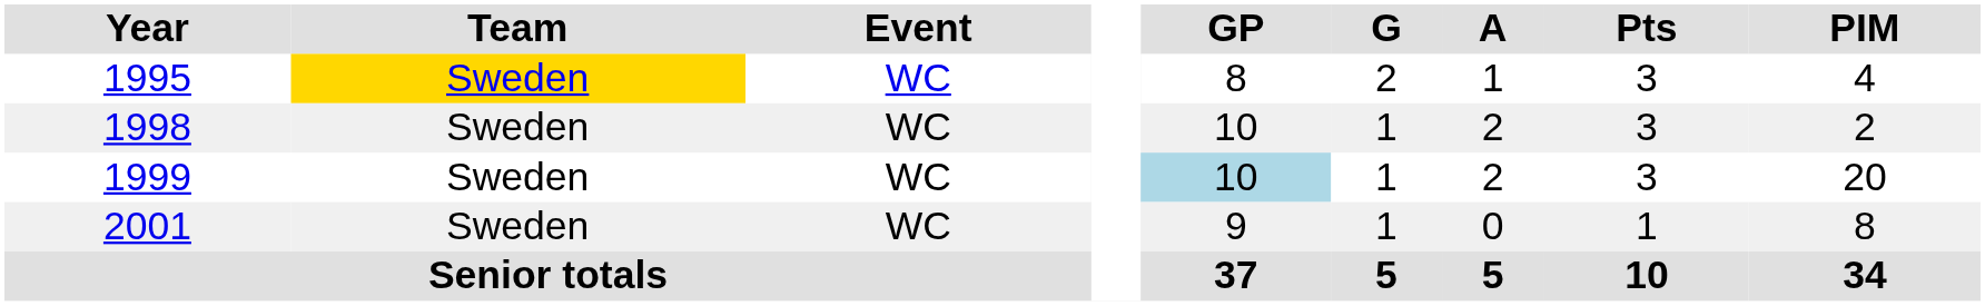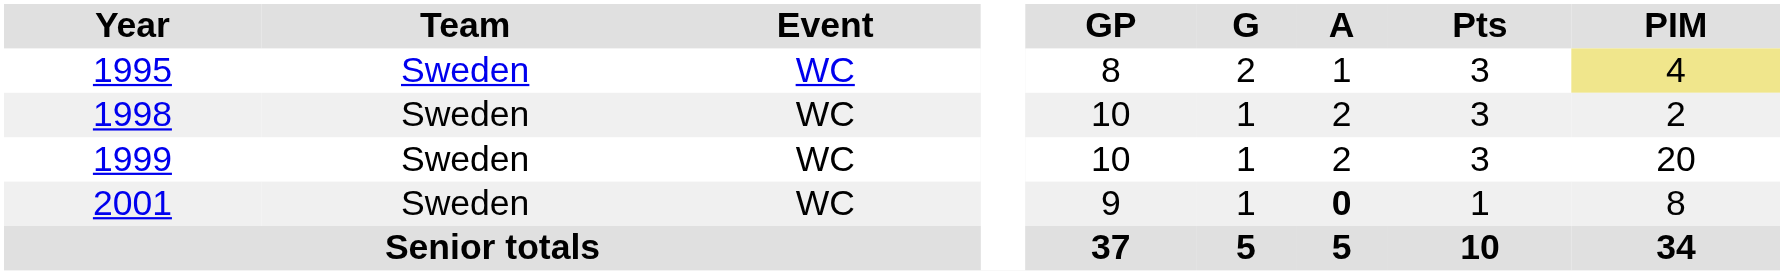 <table border="0" cellpadding="1" cellspacing="0" style="text-align:center; width:50em">
 <tr ALIGN="center" bgcolor="#e0e0e0">
 <th>Year</th>
 <th>Team</th>
 <th>Event</th>
 <th rowspan="99" bgcolor="#ffffff"> </th>
 <th>GP</th>
 <th>G</th>
 <th>A</th>
 <th>Pts</th>
 <th>PIM</th>
 </tr>
 <tr>
 <td><a href='#'>1995</a></td>
-<td style="background: gold;"><a href='#'>Sweden</a></td>
+<td><a href='#'>Sweden</a></td>
 <td><a href='#'>WC</a></td>
 <td>8</td>
 <td>2</td>
 <td>1</td>
 <td>3</td>
-<td>4</td>
+<td style="background: khaki;">4</td>
 </tr>
 <tr bgcolor="#f0f0f0">
 <td><a href='#'>1998</a></td>
 <td>Sweden</td>
 <td>WC</td>
 <td>10</td>
 <td>1</td>
 <td>2</td>
 <td>3</td>
 <td>2</td>
 </tr>
 <tr>
 <td><a href='#'>1999</a></td>
 <td>Sweden</td>
 <td>WC</td>
-<td style="background: lightblue;">10</td>
+<td>10</td>
 <td>1</td>
 <td>2</td>
 <td>3</td>
 <td>20</td>
 </tr>
 <tr bgcolor="#f0f0f0">
 <td><a href='#'>2001</a></td>
 <td>Sweden</td>
 <td>WC</td>
 <td>9</td>
 <td>1</td>
-<td>0</td>
+<td><strong>0</strong></td>
 <td>1</td>
 <td>8</td>
 </tr>
 <tr bgcolor="#e0e0e0">
 <th colspan="3">Senior totals</th>
 <th>37</th>
 <th>5</th>
 <th>5</th>
 <th>10</th>
 <th>34</th>
 </tr>
 </table>
